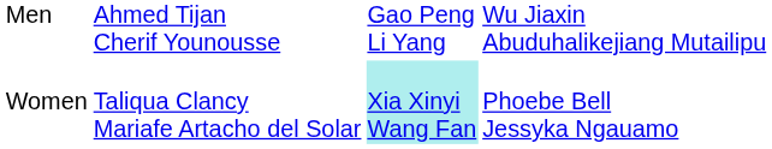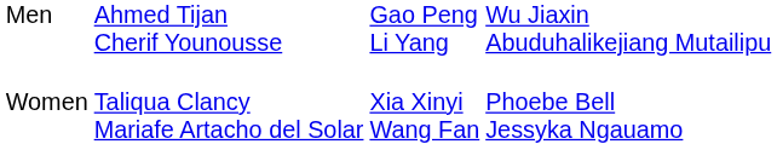 <table>
 <tr>
 <td>Men</td>
 <td><br><a href='#'>Ahmed Tijan</a><br><a href='#'>Cherif Younousse</a></td>
 <td><br><a href='#'>Gao Peng</a><br><a href='#'>Li Yang</a></td>
 <td><br><a href='#'>Wu Jiaxin</a><br><a href='#'>Abuduhalikejiang Mutailipu</a></td>
 </tr>
 <tr>
 <td>Women</td>
 <td><br><a href='#'>Taliqua Clancy</a><br><a href='#'>Mariafe Artacho del Solar</a></td>
-<td style="background: paleturquoise;"><br><a href='#'>Xia Xinyi</a><br><a href='#'>Wang Fan</a></td>
+<td><br><a href='#'>Xia Xinyi</a><br><a href='#'>Wang Fan</a></td>
 <td><br><a href='#'>Phoebe Bell</a><br><a href='#'>Jessyka Ngauamo</a></td>
 </tr>
 </table>
